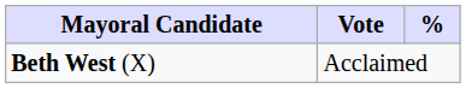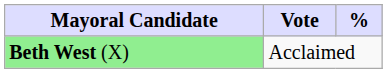 <table class="wikitable">
 <tr>
 <th style="background:#ddf; width:200px;">Mayoral Candidate</th>
 <th style="background:#ddf; width:50px;">Vote</th>
 <th style="background:#ddf; width:30px;">%</th>
 </tr>
 <tr>
-<td><strong>Beth West</strong> (X)</td>
+<td style="background: lightgreen;"><strong>Beth West</strong> (X)</td>
 <td colspan="2">Acclaimed</td>
 </tr>
 </table>
